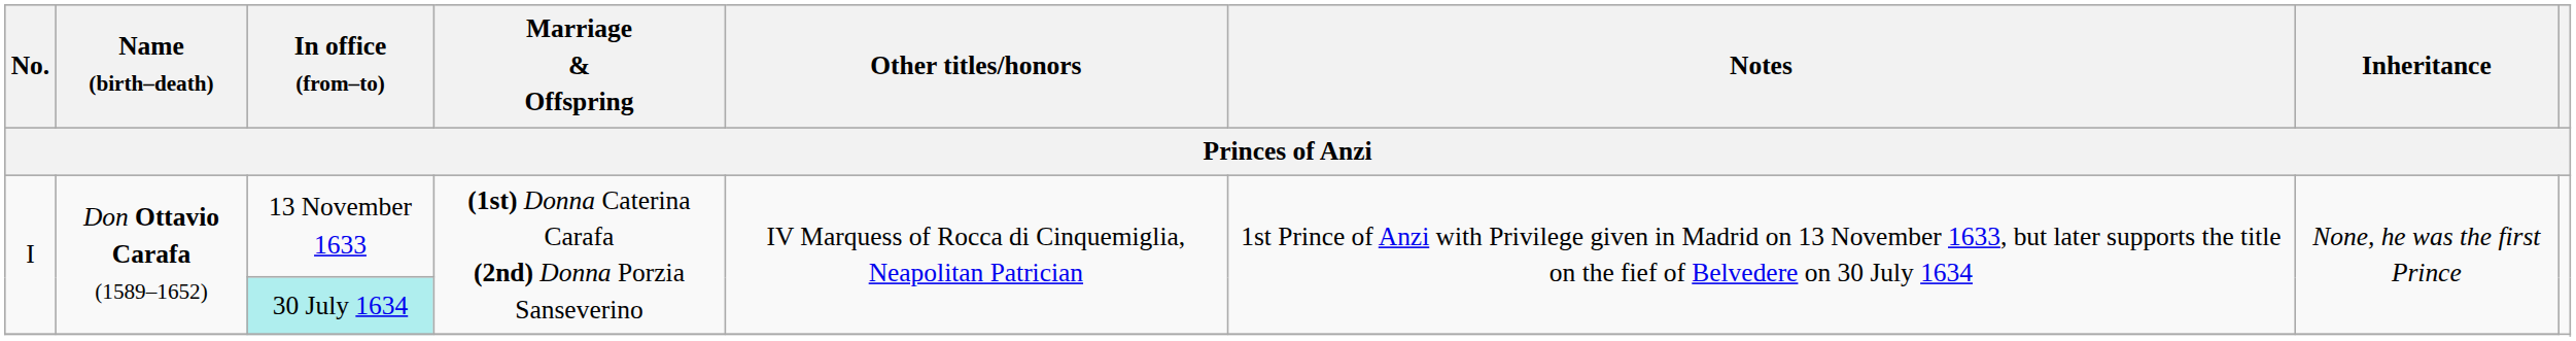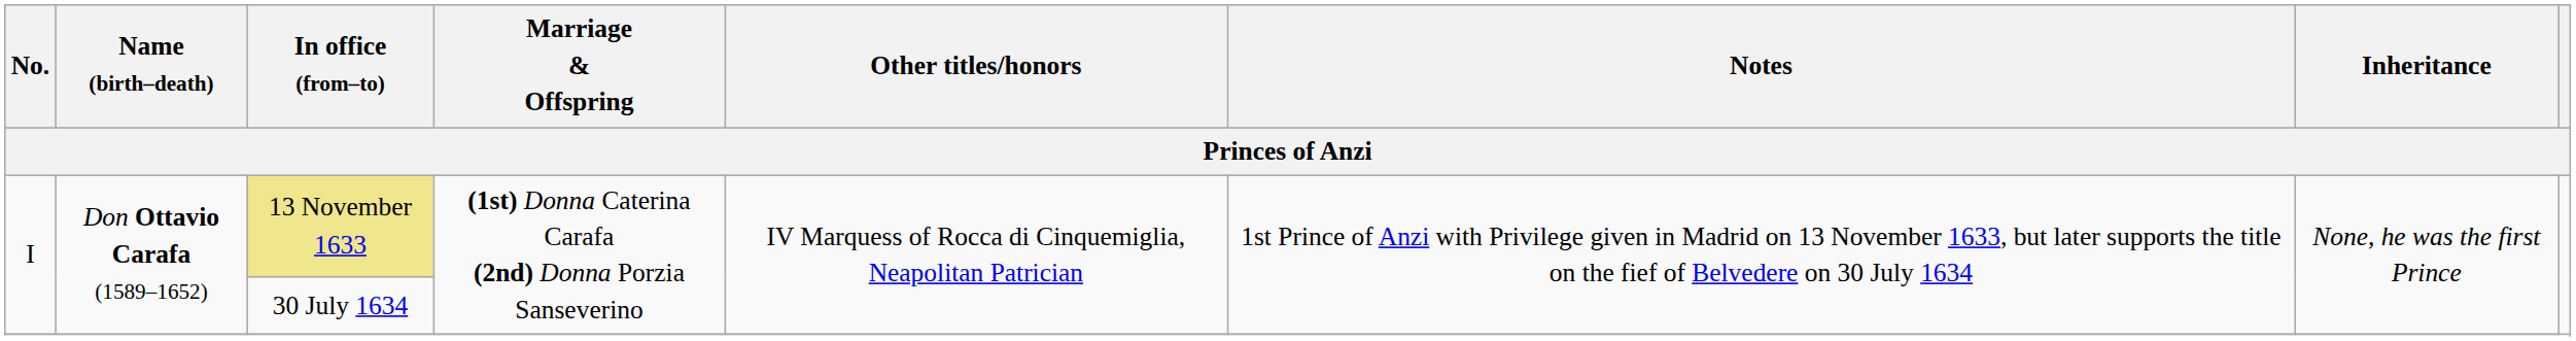 <table class="wikitable" style="line-height:1.4em; text-align:center">
 <tr>
 <th>No.</th>
 <th>Name<br><small>(birth–death)</small></th>
 <th>In office<br><small>(from–to)</small></th>
 <th>Marriage<br>&<br>Offspring</th>
 <th>Other titles/honors</th>
 <th>Notes</th>
 <th>Inheritance</th>
 <th></th>
 </tr>
 <tr>
 <th class=noprint colspan=8 style="font-weight:normal" style="background:#FFD700"><strong>Princes of Anzi</strong></th>
 </tr>
 <tr>
 <td rowspan=2>I</td>
 <td rowspan=2><em>Don</em> <strong>Ottavio Carafa</strong><br><small>(1589–1652)</small></td>
-<td>13 November <a href='#'>1633</a></td>
+<td style="background: khaki;">13 November <a href='#'>1633</a></td>
 <td rowspan=2><strong>(1st)</strong> <em>Donna</em> Caterina Carafa<br><strong>(2nd)</strong> <em>Donna</em> Porzia Sanseverino</td>
 <td rowspan=2>IV Marquess of Rocca di Cinquemiglia, <a href='#'>Neapolitan Patrician</a></td>
 <td rowspan=2>1st Prince of <a href='#'>Anzi</a> with Privilege given in Madrid on 13 November <a href='#'>1633</a>, but later supports the title on the fief of <a href='#'>Belvedere</a> on 30 July <a href='#'>1634</a></td>
 <td rowspan=2><em>None, he was the first Prince</em></td>
 </tr>
 <tr>
-<td style="background: paleturquoise;">30 July <a href='#'>1634</a></td>
+<td>30 July <a href='#'>1634</a></td>
 </tr>
 <tr>
 </tr>
 </table>
